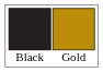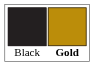 <table style="float:right; border:1px solid #666; padding:2px;">
 <tr>
 <td style="background:#231F20; width:50px; height:50px; padding:2px; border:1px solid #231F20;"> </td>
 <td style="background:#BB8D0A; width:50px; height:50px; padding:2px; border:1px solid #231F20;"> </td>
 </tr>
 <tr style="line-height:90%; text-align:center;">
 <td>Black</td>
-<td>Gold</td>
+<td><strong>Gold</strong></td>
 </tr>
 </table>
